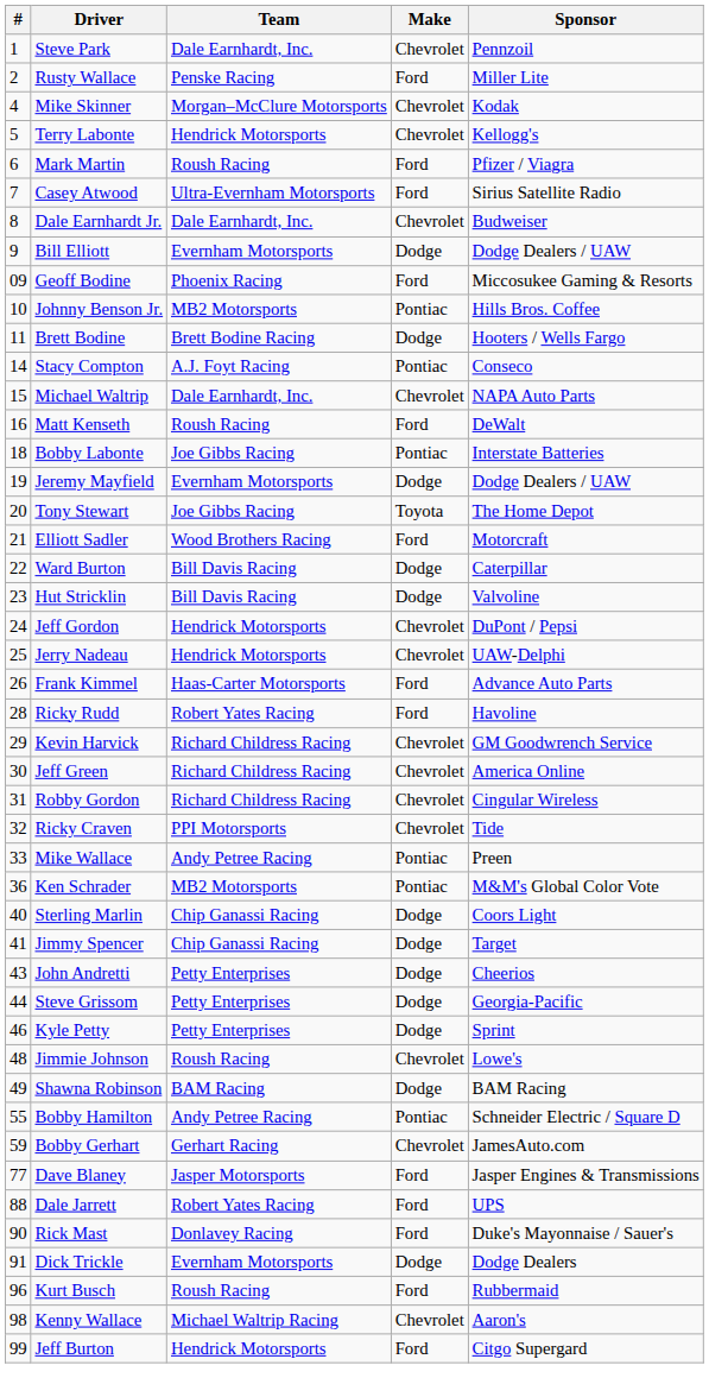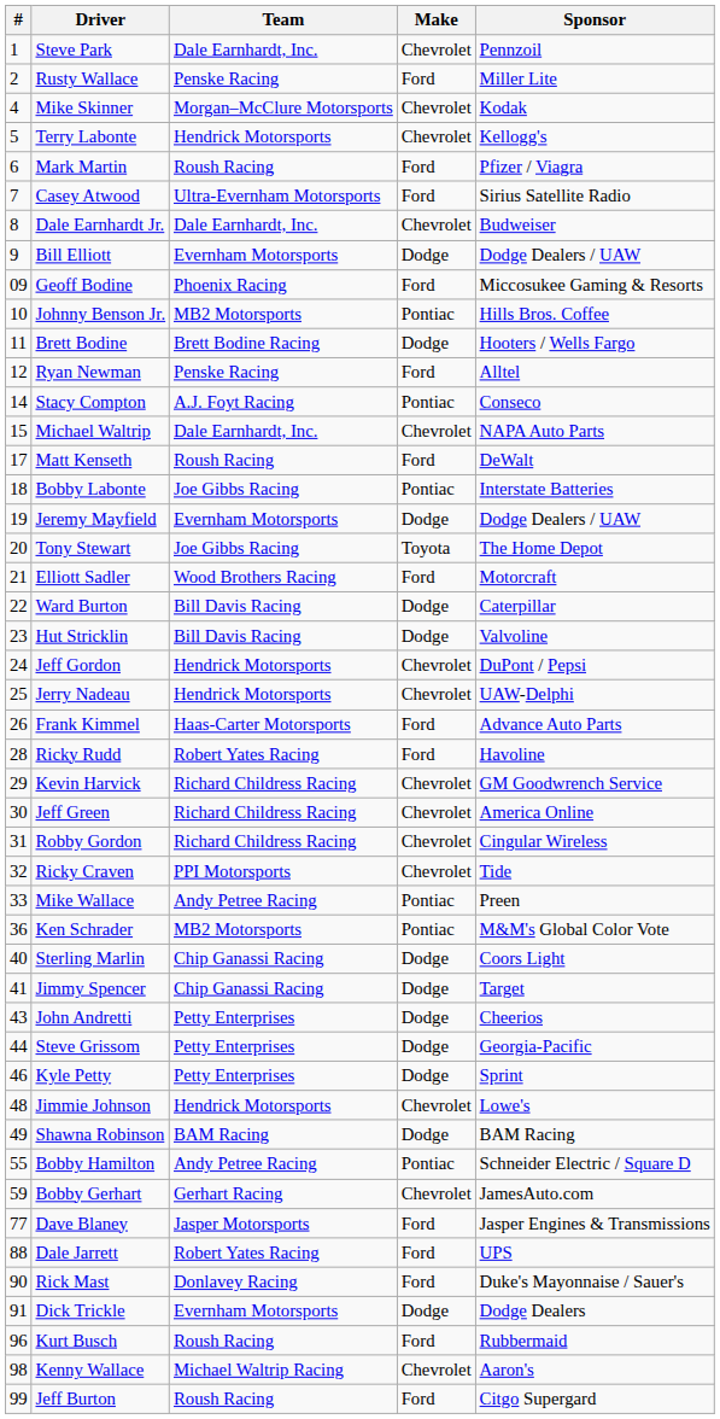 <table class="wikitable" style="font-size:95%">
 <tr>
 <th>#</th>
 <th>Driver</th>
 <th>Team</th>
 <th>Make</th>
 <th>Sponsor</th>
 </tr>
 <tr>
 <td>1</td>
 <td><a href='#'>Steve Park</a></td>
 <td><a href='#'>Dale Earnhardt, Inc.</a></td>
 <td>Chevrolet</td>
 <td><a href='#'>Pennzoil</a></td>
 </tr>
 <tr>
 <td>2</td>
 <td><a href='#'>Rusty Wallace</a></td>
 <td><a href='#'>Penske Racing</a></td>
 <td>Ford</td>
 <td><a href='#'>Miller Lite</a></td>
 </tr>
 <tr>
 <td>4</td>
 <td><a href='#'>Mike Skinner</a></td>
 <td><a href='#'>Morgan–McClure Motorsports</a></td>
 <td>Chevrolet</td>
 <td><a href='#'>Kodak</a></td>
 </tr>
 <tr>
 <td>5</td>
 <td><a href='#'>Terry Labonte</a></td>
 <td><a href='#'>Hendrick Motorsports</a></td>
 <td>Chevrolet</td>
 <td><a href='#'>Kellogg's</a></td>
 </tr>
 <tr>
 <td>6</td>
 <td><a href='#'>Mark Martin</a></td>
 <td><a href='#'>Roush Racing</a></td>
 <td>Ford</td>
 <td><a href='#'>Pfizer</a> / <a href='#'>Viagra</a></td>
 </tr>
 <tr>
 <td>7</td>
 <td><a href='#'>Casey Atwood</a></td>
 <td><a href='#'>Ultra-Evernham Motorsports</a></td>
 <td>Ford</td>
 <td>Sirius Satellite Radio</td>
 </tr>
 <tr>
 <td>8</td>
 <td><a href='#'>Dale Earnhardt Jr.</a></td>
 <td><a href='#'>Dale Earnhardt, Inc.</a></td>
 <td>Chevrolet</td>
 <td><a href='#'>Budweiser</a></td>
 </tr>
 <tr>
 <td>9</td>
 <td><a href='#'>Bill Elliott</a></td>
 <td><a href='#'>Evernham Motorsports</a></td>
 <td>Dodge</td>
 <td><a href='#'>Dodge</a> Dealers / <a href='#'>UAW</a></td>
 </tr>
 <tr>
 <td>09</td>
 <td><a href='#'>Geoff Bodine</a></td>
 <td><a href='#'>Phoenix Racing</a></td>
 <td>Ford</td>
 <td>Miccosukee Gaming & Resorts</td>
 </tr>
 <tr>
 <td>10</td>
 <td><a href='#'>Johnny Benson Jr.</a></td>
 <td><a href='#'>MB2 Motorsports</a></td>
 <td>Pontiac</td>
 <td><a href='#'>Hills Bros. Coffee</a></td>
 </tr>
 <tr>
 <td>11</td>
 <td><a href='#'>Brett Bodine</a></td>
 <td><a href='#'>Brett Bodine Racing</a></td>
 <td>Dodge</td>
 <td><a href='#'>Hooters</a> / <a href='#'>Wells Fargo</a></td>
 </tr>
 <tr>
+<td>12</td>
+<td><a href='#'>Ryan Newman</a></td>
+<td><a href='#'>Penske Racing</a></td>
+<td>Ford</td>
+<td><a href='#'>Alltel</a></td>
+</tr>
+<tr>
 <td>14</td>
 <td><a href='#'>Stacy Compton</a></td>
 <td><a href='#'>A.J. Foyt Racing</a></td>
 <td>Pontiac</td>
 <td><a href='#'>Conseco</a></td>
 </tr>
 <tr>
 <td>15</td>
 <td><a href='#'>Michael Waltrip</a></td>
 <td><a href='#'>Dale Earnhardt, Inc.</a></td>
 <td>Chevrolet</td>
 <td><a href='#'>NAPA Auto Parts</a></td>
 </tr>
 <tr>
-<td>16</td>
+<td>17</td>
 <td><a href='#'>Matt Kenseth</a></td>
 <td><a href='#'>Roush Racing</a></td>
 <td>Ford</td>
 <td><a href='#'>DeWalt</a></td>
 </tr>
 <tr>
 <td>18</td>
 <td><a href='#'>Bobby Labonte</a></td>
 <td><a href='#'>Joe Gibbs Racing</a></td>
 <td>Pontiac</td>
 <td><a href='#'>Interstate Batteries</a></td>
 </tr>
 <tr>
 <td>19</td>
 <td><a href='#'>Jeremy Mayfield</a></td>
 <td><a href='#'>Evernham Motorsports</a></td>
 <td>Dodge</td>
 <td><a href='#'>Dodge</a> Dealers / <a href='#'>UAW</a></td>
 </tr>
 <tr>
 <td>20</td>
 <td><a href='#'>Tony Stewart</a></td>
 <td><a href='#'>Joe Gibbs Racing</a></td>
 <td>Toyota</td>
 <td><a href='#'>The Home Depot</a></td>
 </tr>
 <tr>
 <td>21</td>
 <td><a href='#'>Elliott Sadler</a></td>
 <td><a href='#'>Wood Brothers Racing</a></td>
 <td>Ford</td>
 <td><a href='#'>Motorcraft</a></td>
 </tr>
 <tr>
 <td>22</td>
 <td><a href='#'>Ward Burton</a></td>
 <td><a href='#'>Bill Davis Racing</a></td>
 <td>Dodge</td>
 <td><a href='#'>Caterpillar</a></td>
 </tr>
 <tr>
 <td>23</td>
 <td><a href='#'>Hut Stricklin</a></td>
 <td><a href='#'>Bill Davis Racing</a></td>
 <td>Dodge</td>
 <td><a href='#'>Valvoline</a></td>
 </tr>
 <tr>
 <td>24</td>
 <td><a href='#'>Jeff Gordon</a></td>
 <td><a href='#'>Hendrick Motorsports</a></td>
 <td>Chevrolet</td>
 <td><a href='#'>DuPont</a> / <a href='#'>Pepsi</a></td>
 </tr>
 <tr>
 <td>25</td>
 <td><a href='#'>Jerry Nadeau</a></td>
 <td><a href='#'>Hendrick Motorsports</a></td>
 <td>Chevrolet</td>
 <td><a href='#'>UAW</a>-<a href='#'>Delphi</a></td>
 </tr>
 <tr>
 <td>26</td>
 <td><a href='#'>Frank Kimmel</a></td>
 <td><a href='#'>Haas-Carter Motorsports</a></td>
 <td>Ford</td>
 <td><a href='#'>Advance Auto Parts</a></td>
 </tr>
 <tr>
 <td>28</td>
 <td><a href='#'>Ricky Rudd</a></td>
 <td><a href='#'>Robert Yates Racing</a></td>
 <td>Ford</td>
 <td><a href='#'>Havoline</a></td>
 </tr>
 <tr>
 <td>29</td>
 <td><a href='#'>Kevin Harvick</a></td>
 <td><a href='#'>Richard Childress Racing</a></td>
 <td>Chevrolet</td>
 <td><a href='#'>GM Goodwrench Service</a></td>
 </tr>
 <tr>
 <td>30</td>
 <td><a href='#'>Jeff Green</a></td>
 <td><a href='#'>Richard Childress Racing</a></td>
 <td>Chevrolet</td>
 <td><a href='#'>America Online</a></td>
 </tr>
 <tr>
 <td>31</td>
 <td><a href='#'>Robby Gordon</a></td>
 <td><a href='#'>Richard Childress Racing</a></td>
 <td>Chevrolet</td>
 <td><a href='#'>Cingular Wireless</a></td>
 </tr>
 <tr>
 <td>32</td>
 <td><a href='#'>Ricky Craven</a></td>
 <td><a href='#'>PPI Motorsports</a></td>
 <td>Chevrolet</td>
 <td><a href='#'>Tide</a></td>
 </tr>
 <tr>
 <td>33</td>
 <td><a href='#'>Mike Wallace</a></td>
 <td><a href='#'>Andy Petree Racing</a></td>
 <td>Pontiac</td>
 <td>Preen</td>
 </tr>
 <tr>
 <td>36</td>
 <td><a href='#'>Ken Schrader</a></td>
 <td><a href='#'>MB2 Motorsports</a></td>
 <td>Pontiac</td>
 <td><a href='#'>M&M's</a> Global Color Vote</td>
 </tr>
 <tr>
 <td>40</td>
 <td><a href='#'>Sterling Marlin</a></td>
 <td><a href='#'>Chip Ganassi Racing</a></td>
 <td>Dodge</td>
 <td><a href='#'>Coors Light</a></td>
 </tr>
 <tr>
 <td>41</td>
 <td><a href='#'>Jimmy Spencer</a></td>
 <td><a href='#'>Chip Ganassi Racing</a></td>
 <td>Dodge</td>
 <td><a href='#'>Target</a></td>
 </tr>
 <tr>
 <td>43</td>
 <td><a href='#'>John Andretti</a></td>
 <td><a href='#'>Petty Enterprises</a></td>
 <td>Dodge</td>
 <td><a href='#'>Cheerios</a></td>
 </tr>
 <tr>
 <td>44</td>
 <td><a href='#'>Steve Grissom</a></td>
 <td><a href='#'>Petty Enterprises</a></td>
 <td>Dodge</td>
 <td><a href='#'>Georgia-Pacific</a></td>
 </tr>
 <tr>
 <td>46</td>
 <td><a href='#'>Kyle Petty</a></td>
 <td><a href='#'>Petty Enterprises</a></td>
 <td>Dodge</td>
 <td><a href='#'>Sprint</a></td>
 </tr>
 <tr>
 <td>48</td>
 <td><a href='#'>Jimmie Johnson</a></td>
-<td><a href='#'>Roush Racing</a></td>
+<td><a href='#'>Hendrick Motorsports</a></td>
 <td>Chevrolet</td>
 <td><a href='#'>Lowe's</a></td>
 </tr>
 <tr>
 <td>49</td>
 <td><a href='#'>Shawna Robinson</a></td>
 <td><a href='#'>BAM Racing</a></td>
 <td>Dodge</td>
 <td>BAM Racing</td>
 </tr>
 <tr>
 <td>55</td>
 <td><a href='#'>Bobby Hamilton</a></td>
 <td><a href='#'>Andy Petree Racing</a></td>
 <td>Pontiac</td>
 <td>Schneider Electric / <a href='#'>Square D</a></td>
 </tr>
 <tr>
 <td>59</td>
 <td><a href='#'>Bobby Gerhart</a></td>
 <td><a href='#'>Gerhart Racing</a></td>
 <td>Chevrolet</td>
 <td>JamesAuto.com</td>
 </tr>
 <tr>
 <td>77</td>
 <td><a href='#'>Dave Blaney</a></td>
 <td><a href='#'>Jasper Motorsports</a></td>
 <td>Ford</td>
 <td>Jasper Engines & Transmissions</td>
 </tr>
 <tr>
 <td>88</td>
 <td><a href='#'>Dale Jarrett</a></td>
 <td><a href='#'>Robert Yates Racing</a></td>
 <td>Ford</td>
 <td><a href='#'>UPS</a></td>
 </tr>
 <tr>
 <td>90</td>
 <td><a href='#'>Rick Mast</a></td>
 <td><a href='#'>Donlavey Racing</a></td>
 <td>Ford</td>
 <td>Duke's Mayonnaise / Sauer's</td>
 </tr>
 <tr>
 <td>91</td>
 <td><a href='#'>Dick Trickle</a></td>
 <td><a href='#'>Evernham Motorsports</a></td>
 <td>Dodge</td>
 <td><a href='#'>Dodge</a> Dealers</td>
 </tr>
 <tr>
 <td>96</td>
 <td><a href='#'>Kurt Busch</a></td>
 <td><a href='#'>Roush Racing</a></td>
 <td>Ford</td>
 <td><a href='#'>Rubbermaid</a></td>
 </tr>
 <tr>
 <td>98</td>
 <td><a href='#'>Kenny Wallace</a></td>
 <td><a href='#'>Michael Waltrip Racing</a></td>
 <td>Chevrolet</td>
 <td><a href='#'>Aaron's</a></td>
 </tr>
 <tr>
 <td>99</td>
 <td><a href='#'>Jeff Burton</a></td>
-<td><a href='#'>Hendrick Motorsports</a></td>
+<td><a href='#'>Roush Racing</a></td>
 <td>Ford</td>
 <td><a href='#'>Citgo</a> Supergard</td>
 </tr>
 </table>
